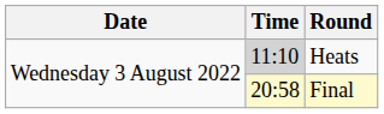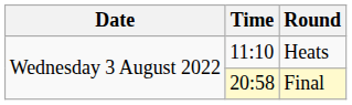 <table class="wikitable">
 <tr>
 <th>Date</th>
 <th>Time</th>
 <th>Round</th>
 </tr>
 <tr>
 <td rowspan=2>Wednesday 3 August 2022</td>
-<td style="background: lightgrey;">11:10</td>
+<td>11:10</td>
 <td>Heats</td>
 </tr>
 <tr>
 <td style=background:lemonchiffon>20:58</td>
 <td style=background:lemonchiffon>Final</td>
 </tr>
 </table>
